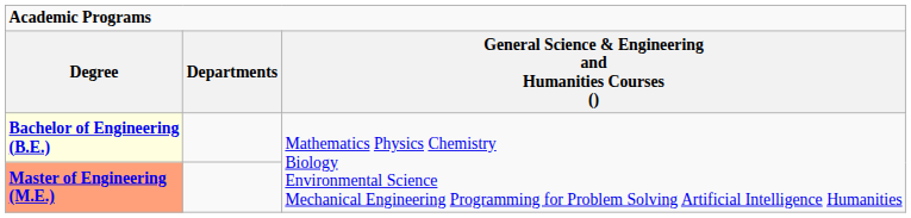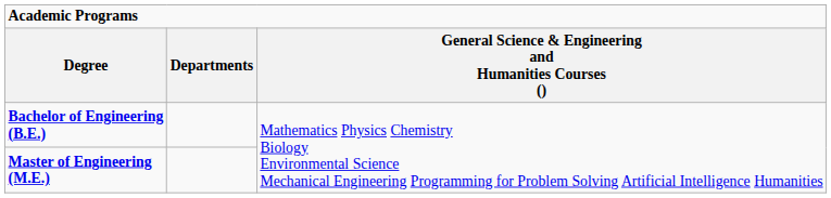 <table class="wikitable sortable">
 <tr>
 <td colspan="3"><strong>Academic Programs</strong></td>
 </tr>
 <tr>
 <th>Degree</th>
 <th>Departments</th>
 <th>General Science & Engineering<br>and<br>Humanities Courses<br>(<em></em>)</th>
 </tr>
 <tr>
-<td style="background: lightyellow;"><strong><a href='#'> Bachelor of Engineering<br>(B.E.)</a></strong></td>
+<td><strong><a href='#'> Bachelor of Engineering<br>(B.E.)</a></strong></td>
 <td></td>
 <td rowspan=2><br><a href='#'>Mathematics</a> <a href='#'>Physics</a> <a href='#'>Chemistry</a><br><a href='#'>Biology</a><br><a href='#'>Environmental Science</a><br><a href='#'>Mechanical Engineering</a> <a href='#'>Programming for Problem Solving</a> <a href='#'>Artificial Intelligence</a> <a href='#'>Humanities</a></td>
 </tr>
 <tr>
-<td style="background: lightsalmon;"><strong><a href='#'> Master of Engineering<br>(M.E.)</a></strong></td>
+<td><strong><a href='#'> Master of Engineering<br>(M.E.)</a></strong></td>
 <td></td>
 </tr>
 </table>
